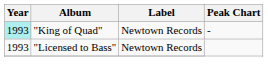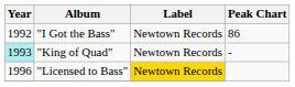 <table class="wikitable">
 <tr>
 <th align="center" rowspan="1">Year</th>
 <th align="center" rowspan="1">Album</th>
 <th align="center" rowspan="1">Label</th>
 <th align="center" rowspan="1">Peak Chart</th>
 </tr>
 <tr>
+<td align="center">1992</td>
+<td align="left">"I Got the Bass"</td>
+<td align="left">Newtown Records</td>
+<td align="left">86</td>
+</tr>
+<tr>
 <td align="center" style="background: paleturquoise;">1993</td>
 <td align="left">"King of Quad"</td>
 <td align="left">Newtown Records</td>
 <td align="left">-</td>
 </tr>
 <tr>
-<td align="center">1993</td>
+<td align="center">1996</td>
 <td align="left">"Licensed to Bass"</td>
-<td align="left">Newtown Records</td>
+<td align="left" style="background: gold;">Newtown Records</td>
 </tr>
 <tr>
 </tr>
 <tr>
 </tr>
 </table>
